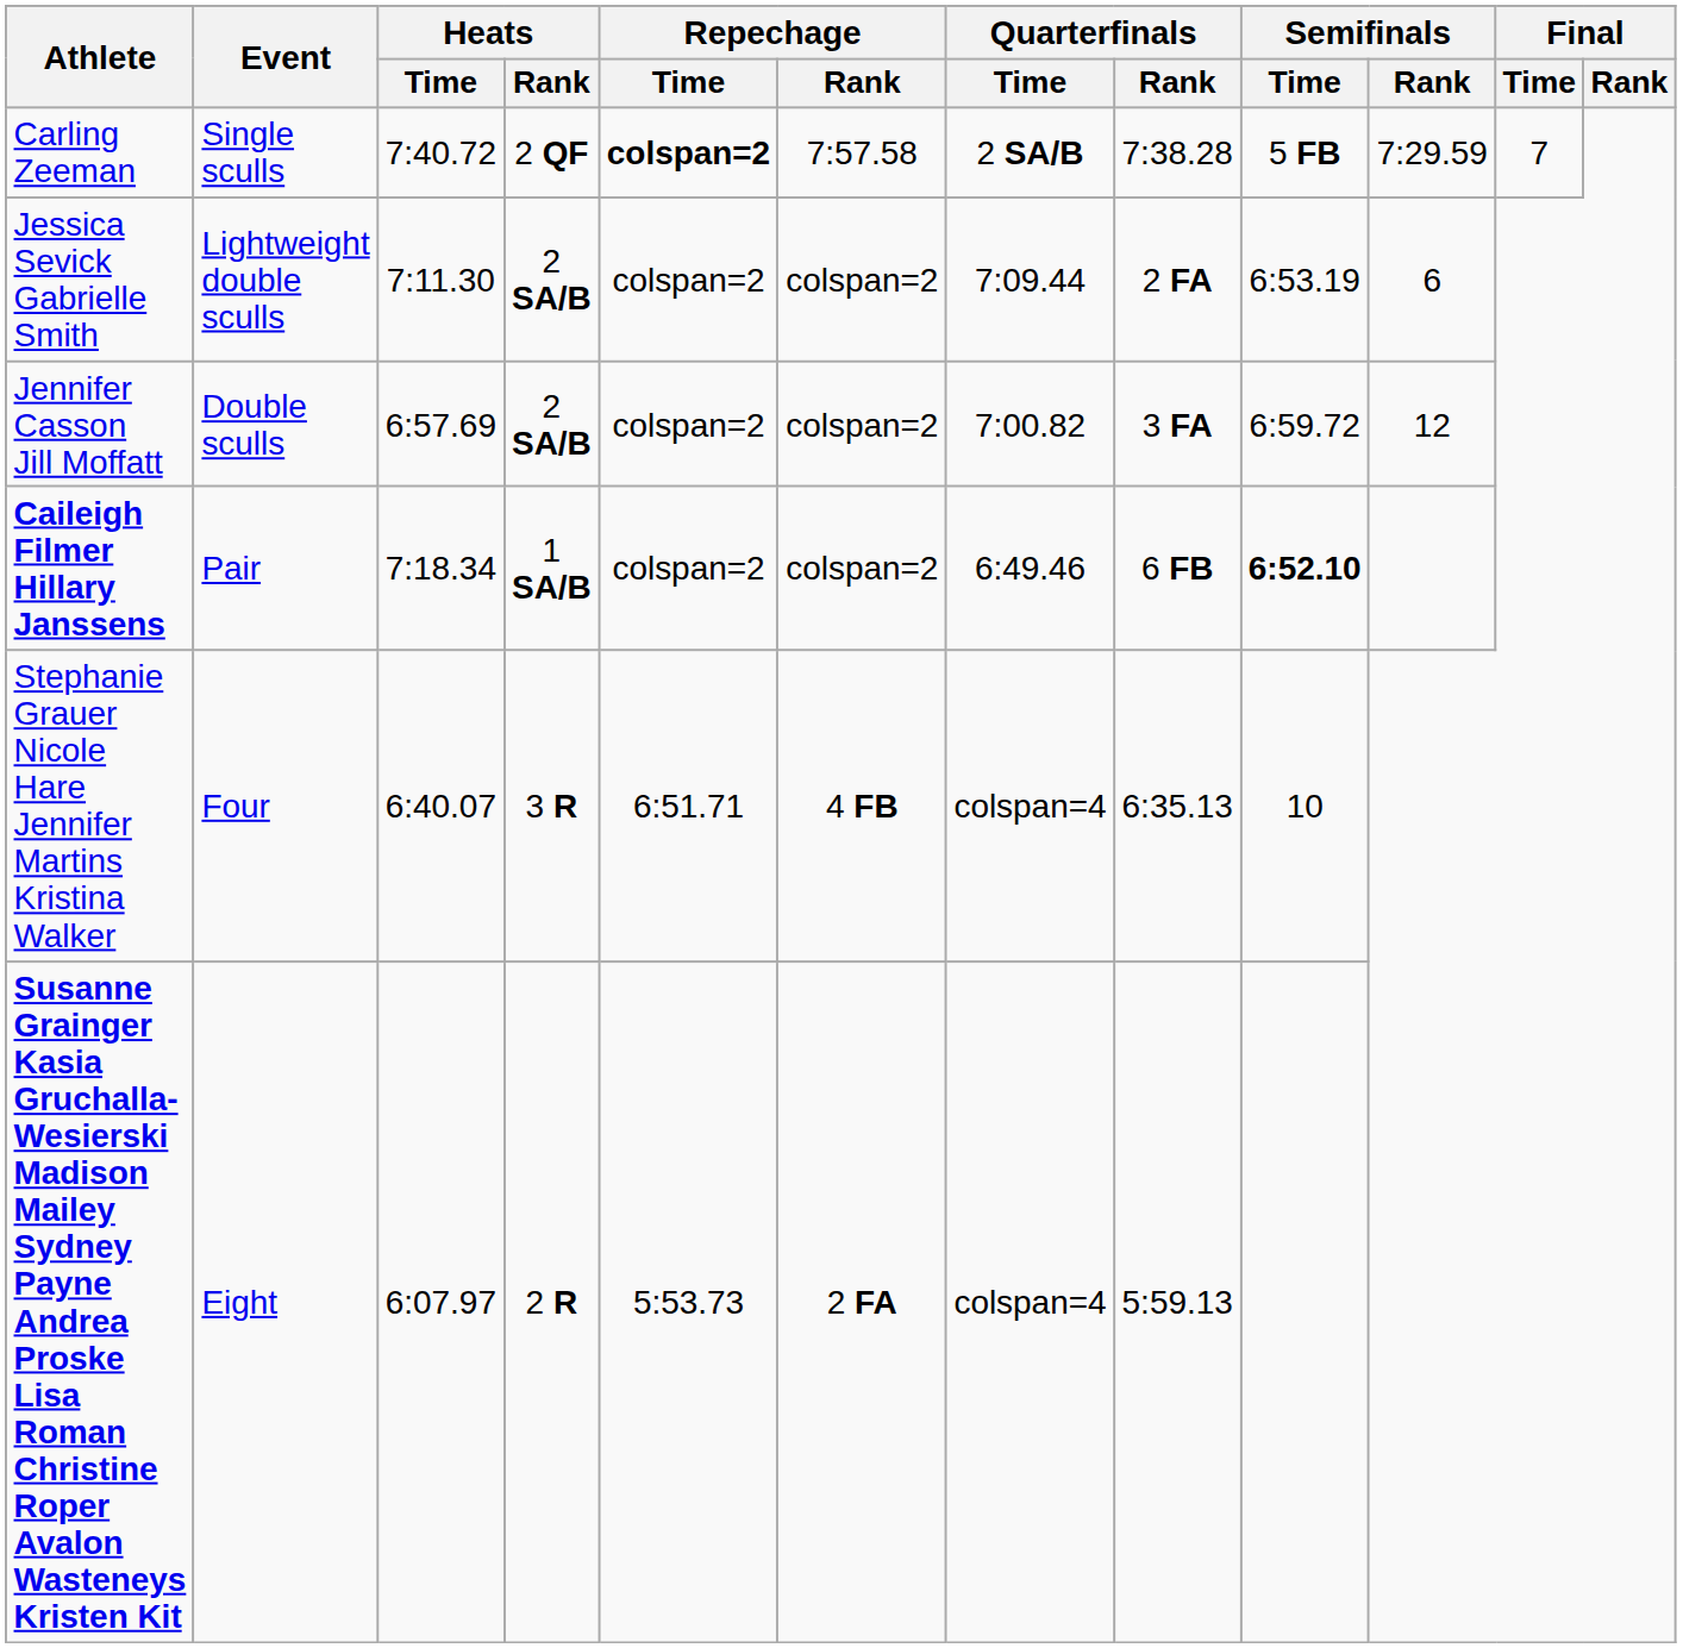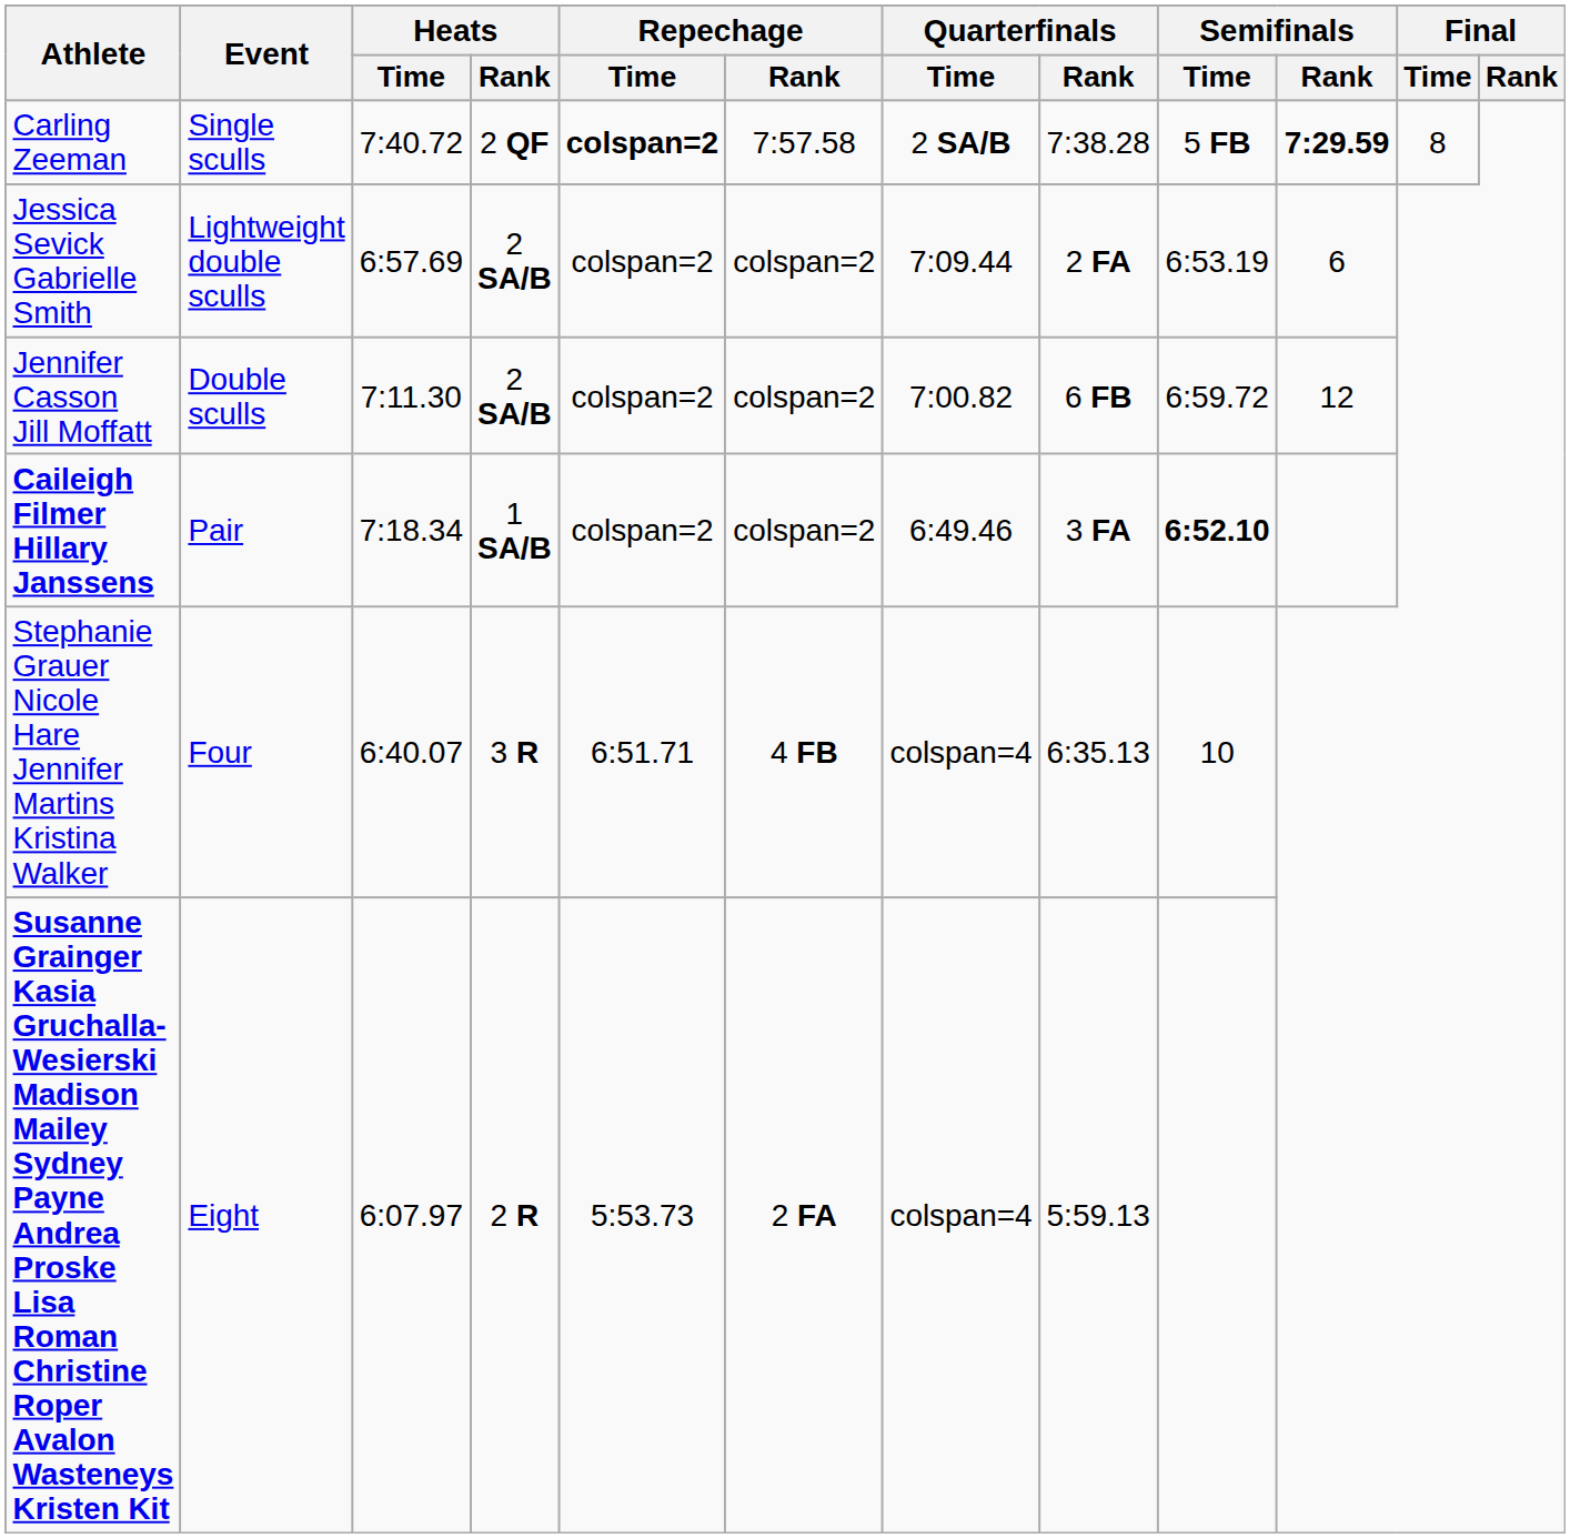 <table class=wikitable style=font-size:90%;text-align:center>
 <tr>
 <th rowspan=2>Athlete</th>
 <th rowspan=2>Event</th>
 <th colspan=2>Heats</th>
 <th colspan=2>Repechage</th>
 <th colspan=2>Quarterfinals</th>
 <th colspan=2>Semifinals</th>
 <th colspan=2>Final</th>
 </tr>
 <tr style=font-size:95%>
 <th>Time</th>
 <th>Rank</th>
 <th>Time</th>
 <th>Rank</th>
 <th>Time</th>
 <th>Rank</th>
 <th>Time</th>
 <th>Rank</th>
 <th>Time</th>
 <th>Rank</th>
 </tr>
 <tr>
 <td align=left><a href='#'>Carling Zeeman</a></td>
 <td align=left><a href='#'>Single sculls</a></td>
 <td>7:40.72</td>
 <td>2 <strong>QF</strong></td>
 <td><strong>colspan=2 </strong></td>
 <td>7:57.58</td>
 <td>2 <strong>SA/B</strong></td>
 <td>7:38.28</td>
 <td>5 <strong>FB</strong></td>
-<td>7:29.59</td>
-<td>7</td>
+<td><strong>7:29.59</strong></td>
+<td>8</td>
 </tr>
 <tr>
 <td align=left><a href='#'>Jessica Sevick</a><br><a href='#'>Gabrielle Smith</a></td>
 <td align=left><a href='#'>Lightweight double sculls</a></td>
-<td>7:11.30</td>
+<td>6:57.69</td>
 <td>2 <strong>SA/B</strong></td>
 <td>colspan=2 </td>
 <td>colspan=2 </td>
 <td>7:09.44</td>
 <td>2 <strong>FA</strong></td>
 <td>6:53.19</td>
 <td>6</td>
 </tr>
 <tr>
 <td align=left><a href='#'>Jennifer Casson</a><br><a href='#'>Jill Moffatt</a></td>
 <td align=left><a href='#'>Double sculls</a></td>
-<td>6:57.69</td>
+<td>7:11.30</td>
 <td>2 <strong>SA/B</strong></td>
 <td>colspan=2 </td>
 <td>colspan=2 </td>
 <td>7:00.82</td>
-<td>3 <strong>FA</strong></td>
+<td>6 <strong>FB</strong></td>
 <td>6:59.72</td>
 <td>12</td>
 </tr>
 <tr>
 <td align=left><strong><a href='#'>Caileigh Filmer</a><br><a href='#'>Hillary Janssens</a></strong></td>
 <td align=left><a href='#'>Pair</a></td>
 <td>7:18.34</td>
 <td>1 <strong>SA/B</strong></td>
 <td>colspan=2 </td>
 <td>colspan=2 </td>
 <td>6:49.46</td>
-<td>6 <strong>FB</strong></td>
+<td>3 <strong>FA</strong></td>
 <td><strong>6:52.10</strong></td>
 <td></td>
 </tr>
 <tr>
 <td align=left><a href='#'>Stephanie Grauer</a><br><a href='#'>Nicole Hare</a><br><a href='#'>Jennifer Martins</a><br><a href='#'>Kristina Walker</a></td>
 <td align=left><a href='#'>Four</a></td>
 <td>6:40.07</td>
 <td>3 <strong>R</strong></td>
 <td>6:51.71</td>
 <td>4 <strong>FB</strong></td>
 <td>colspan=4 </td>
 <td>6:35.13</td>
 <td>10</td>
 </tr>
 <tr>
 <td align=left><strong><a href='#'>Susanne Grainger</a><br><a href='#'>Kasia Gruchalla-Wesierski</a><br><a href='#'>Madison Mailey</a><br><a href='#'>Sydney Payne</a><br><a href='#'>Andrea Proske</a><br><a href='#'>Lisa Roman</a><br><a href='#'>Christine Roper</a><br><a href='#'>Avalon Wasteneys</a><br><a href='#'>Kristen Kit</a> </strong></td>
 <td align=left><a href='#'>Eight</a></td>
 <td>6:07.97</td>
 <td>2 <strong>R</strong></td>
 <td>5:53.73</td>
 <td>2 <strong>FA</strong></td>
 <td>colspan=4 </td>
 <td>5:59.13</td>
 <td></td>
 </tr>
 </table>
